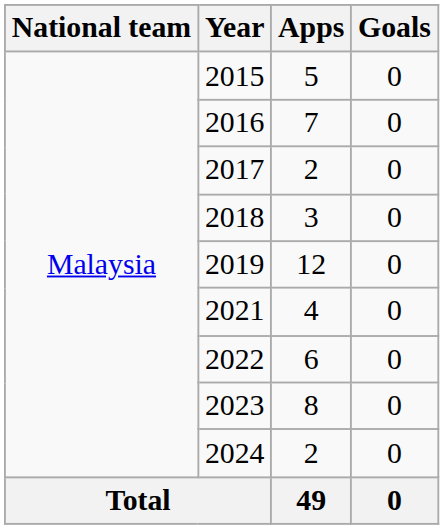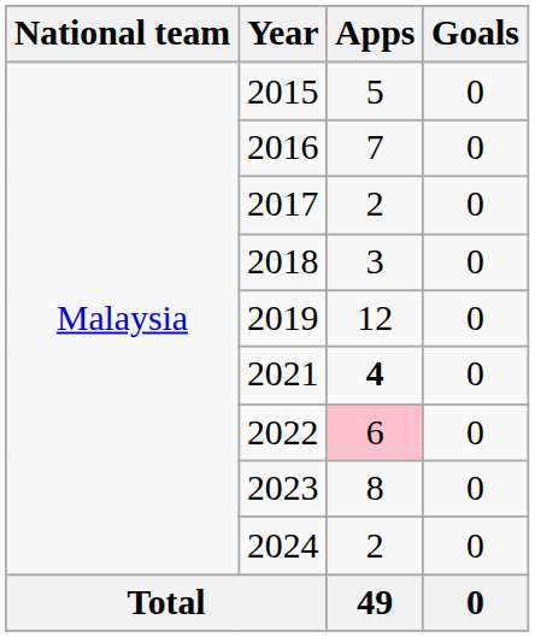 <table class=wikitable style="text-align:center;">
 <tr>
 <th>National team</th>
 <th>Year</th>
 <th>Apps</th>
 <th>Goals</th>
 </tr>
 <tr>
 <td rowspan="9"><a href='#'>Malaysia</a></td>
 <td>2015</td>
 <td>5</td>
 <td>0</td>
 </tr>
 <tr>
 <td>2016</td>
 <td>7</td>
 <td>0</td>
 </tr>
 <tr>
 <td>2017</td>
 <td>2</td>
 <td>0</td>
 </tr>
 <tr>
 <td>2018</td>
 <td>3</td>
 <td>0</td>
 </tr>
 <tr>
 <td>2019</td>
 <td>12</td>
 <td>0</td>
 </tr>
 <tr>
 <td>2021</td>
-<td>4</td>
+<td><strong>4</strong></td>
 <td>0</td>
 </tr>
 <tr>
 <td>2022</td>
-<td>6</td>
+<td style="background: pink;">6</td>
 <td>0</td>
 </tr>
 <tr>
 <td>2023</td>
 <td>8</td>
 <td>0</td>
 </tr>
 <tr>
 <td>2024</td>
 <td>2</td>
 <td>0</td>
 </tr>
 <tr>
 <th colspan="2">Total</th>
 <th>49</th>
 <th>0</th>
 </tr>
 </table>
